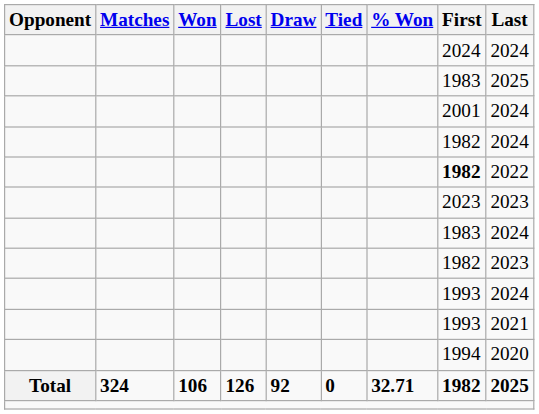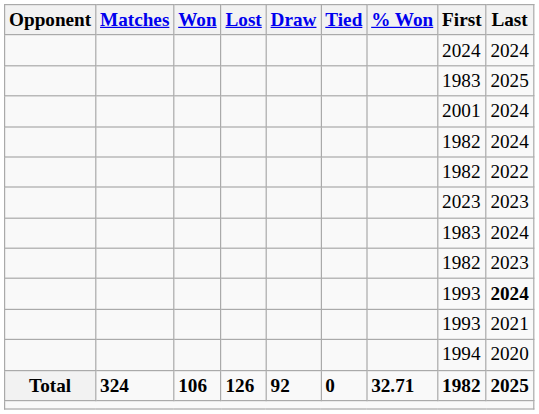 <table class="wikitable plainrowheaders sortable">
 <tr>
 <th scope="col">Opponent</th>
 <th scope="col"><a href='#'>Matches</a></th>
 <th scope="col"><a href='#'>Won</a></th>
 <th scope="col"><a href='#'>Lost</a></th>
 <th scope="col"><a href='#'>Draw</a></th>
 <th scope="col"><a href='#'>Tied</a></th>
 <th scope="col"><a href='#'>% Won</a></th>
 <th scope="col">First</th>
 <th scope="col">Last</th>
 </tr>
 <tr>
 <td></td>
 <td></td>
 <td></td>
 <td></td>
 <td></td>
 <td></td>
 <td></td>
 <td>2024</td>
 <td>2024</td>
 </tr>
 <tr>
 <td></td>
 <td></td>
 <td></td>
 <td></td>
 <td></td>
 <td></td>
 <td></td>
 <td>1983</td>
 <td>2025</td>
 </tr>
 <tr>
 <td></td>
 <td></td>
 <td></td>
 <td></td>
 <td></td>
 <td></td>
 <td></td>
 <td>2001</td>
 <td>2024</td>
 </tr>
 <tr>
 <td></td>
 <td></td>
 <td></td>
 <td></td>
 <td></td>
 <td></td>
 <td></td>
 <td>1982</td>
 <td>2024</td>
 </tr>
 <tr>
 <td></td>
 <td></td>
 <td></td>
 <td></td>
 <td></td>
 <td></td>
 <td></td>
-<td><strong>1982</strong></td>
+<td>1982</td>
 <td>2022</td>
 </tr>
 <tr>
 <td></td>
 <td></td>
 <td></td>
 <td></td>
 <td></td>
 <td></td>
 <td></td>
 <td>2023</td>
 <td>2023</td>
 </tr>
 <tr>
 <td></td>
 <td></td>
 <td></td>
 <td></td>
 <td></td>
 <td></td>
 <td></td>
 <td>1983</td>
 <td>2024</td>
 </tr>
 <tr>
 <td></td>
 <td></td>
 <td></td>
 <td></td>
 <td></td>
 <td></td>
 <td></td>
 <td>1982</td>
 <td>2023</td>
 </tr>
 <tr>
 <td></td>
 <td></td>
 <td></td>
 <td></td>
 <td></td>
 <td></td>
 <td></td>
 <td>1993</td>
-<td>2024</td>
+<td><strong>2024</strong></td>
 </tr>
 <tr>
 <td></td>
 <td></td>
 <td></td>
 <td></td>
 <td></td>
 <td></td>
 <td></td>
 <td>1993</td>
 <td>2021</td>
 </tr>
 <tr>
 <td></td>
 <td></td>
 <td></td>
 <td></td>
 <td></td>
 <td></td>
 <td></td>
 <td>1994</td>
 <td>2020</td>
 </tr>
 <tr class="sortbottom">
 <th scope="row" style="text-align:center"><strong>Total</strong></th>
 <td><strong>324</strong></td>
 <td><strong>106</strong></td>
 <td><strong>126</strong></td>
 <td><strong>92</strong></td>
 <td><strong>0</strong></td>
 <td><strong>32.71</strong></td>
 <td><strong>1982</strong></td>
 <td><strong>2025</strong></td>
 </tr>
 <tr s>
 <td colspan=10></td>
 </tr>
 </table>
